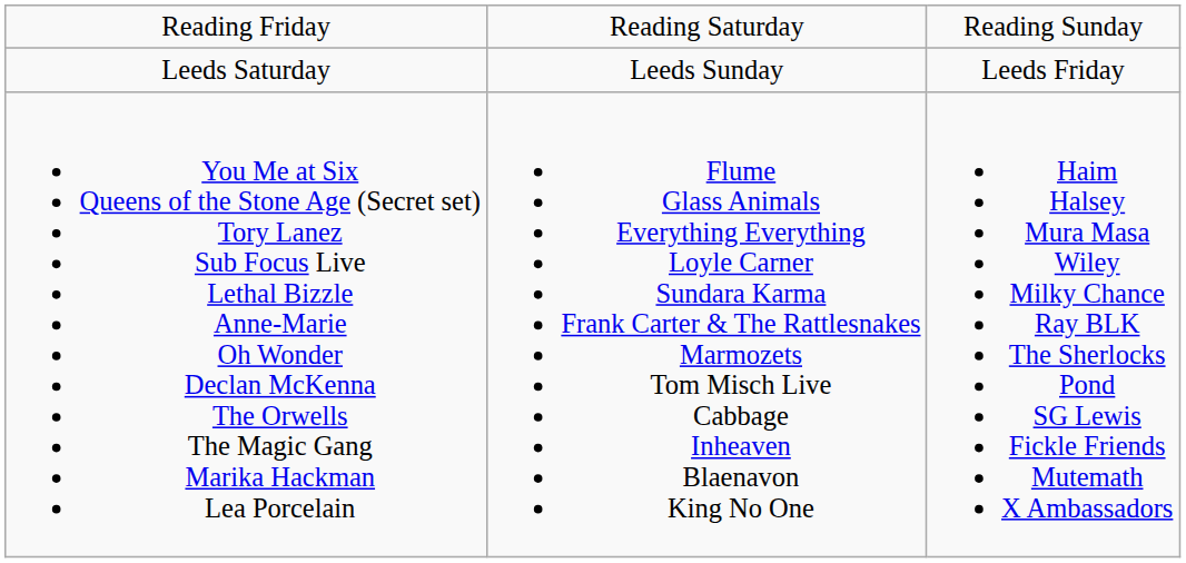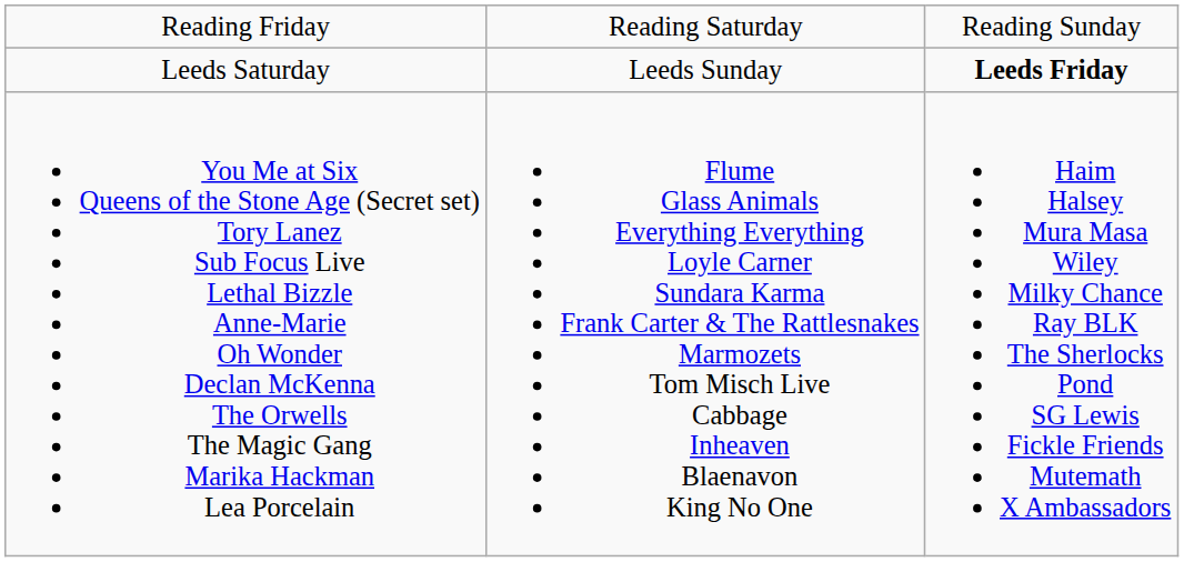 <table class="wikitable" style="text-align:center;">
 <tr>
 <td>Reading Friday</td>
 <td>Reading Saturday</td>
 <td>Reading Sunday</td>
 </tr>
 <tr>
 <td>Leeds Saturday</td>
 <td>Leeds Sunday</td>
-<td>Leeds Friday</td>
+<td><strong>Leeds Friday</strong></td>
 </tr>
 <tr>
 <td><br><ul><li><a href='#'>You Me at Six</a></li><li><a href='#'>Queens of the Stone Age</a> (Secret set)</li><li><a href='#'>Tory Lanez</a></li><li><a href='#'>Sub Focus</a> Live</li><li><a href='#'>Lethal Bizzle</a></li><li><a href='#'>Anne-Marie</a></li><li><a href='#'>Oh Wonder</a></li><li><a href='#'>Declan McKenna</a></li><li><a href='#'>The Orwells</a></li><li>The Magic Gang</li><li><a href='#'>Marika Hackman</a></li><li>Lea Porcelain</li></ul></td>
 <td><br><ul><li><a href='#'>Flume</a></li><li><a href='#'>Glass Animals</a></li><li><a href='#'>Everything Everything</a></li><li><a href='#'>Loyle Carner</a></li><li><a href='#'>Sundara Karma</a></li><li><a href='#'>Frank Carter & The Rattlesnakes</a></li><li><a href='#'>Marmozets</a></li><li>Tom Misch Live</li><li>Cabbage</li><li><a href='#'>Inheaven</a></li><li>Blaenavon</li><li>King No One</li></ul></td>
 <td><br><ul><li><a href='#'>Haim</a></li><li><a href='#'>Halsey</a></li><li><a href='#'>Mura Masa</a></li><li><a href='#'>Wiley</a></li><li><a href='#'>Milky Chance</a></li><li><a href='#'>Ray BLK</a></li><li><a href='#'>The Sherlocks</a></li><li><a href='#'>Pond</a></li><li><a href='#'>SG Lewis</a></li><li><a href='#'>Fickle Friends</a></li><li><a href='#'>Mutemath</a></li><li><a href='#'>X Ambassadors</a></li></ul></td>
 </tr>
 </table>
